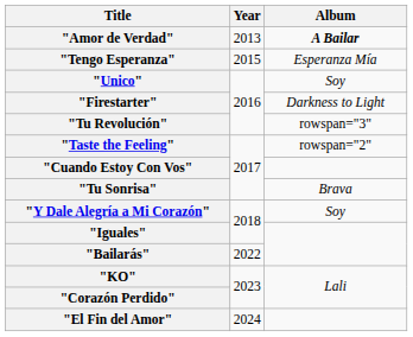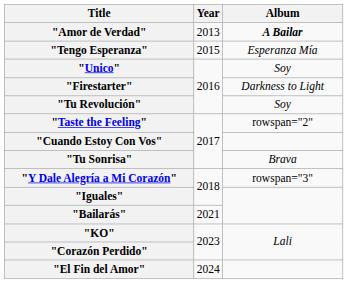 <table class="wikitable plainrowheaders" style="text-align:center;">
 <tr>
 <th scope="col" style="width:16em;">Title</th>
 <th scope="col">Year</th>
 <th scope="col" style="width:10em;">Album</th>
 </tr>
 <tr>
 <th scope="row">"Amor de Verdad"</th>
 <td>2013</td>
 <td><strong><em>A Bailar</em></strong></td>
 </tr>
 <tr>
 <th scope="row">"Tengo Esperanza"</th>
 <td>2015</td>
 <td><em>Esperanza Mía</em></td>
 </tr>
 <tr>
 <th scope="row">"<a href='#'>Unico</a>"</th>
 <td rowspan="3">2016</td>
 <td><em>Soy</em></td>
 </tr>
 <tr>
 <th scope="row">"Firestarter"<br></th>
 <td><em>Darkness to Light</em></td>
 </tr>
 <tr>
 <th scope="row">"Tu Revolución"</th>
-<td>rowspan="3" </td>
+<td><em>Soy</em></td>
 </tr>
 <tr>
 <th scope="row">"<a href='#'>Taste the Feeling</a>"</th>
 <td rowspan="3">2017</td>
 <td>rowspan="2" </td>
 </tr>
 <tr>
 <th scope="row">"Cuando Estoy Con Vos"</th>
 </tr>
 <tr>
 <th scope="row">"Tu Sonrisa"</th>
 <td><em>Brava</em></td>
 </tr>
 <tr>
 <th scope="row">"<a href='#'>Y Dale Alegría a Mi Corazón</a>"</th>
 <td rowspan="2">2018</td>
-<td><em>Soy</em></td>
+<td>rowspan="3" </td>
 </tr>
 <tr>
 <th scope="row">"Iguales"<br></th>
 </tr>
 <tr>
 <th scope="row">"Bailarás"</th>
-<td>2022</td>
+<td>2021</td>
 </tr>
 <tr>
 <th scope="row">"KO"</th>
 <td rowspan="2">2023</td>
 <td rowspan="2"><em>Lali</em></td>
 </tr>
 <tr>
 <th scope="row">"Corazón Perdido"</th>
 </tr>
 <tr>
 <th scope="row">"El Fin del Amor"</th>
 <td>2024</td>
 <td></td>
 </tr>
 </table>
